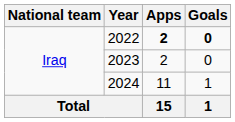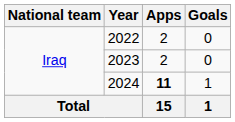 <table class=wikitable style=text-align:center>
 <tr>
 <th>National team</th>
 <th>Year</th>
 <th>Apps</th>
 <th>Goals</th>
 </tr>
 <tr>
 <td rowspan=3><a href='#'>Iraq</a></td>
 <td>2022</td>
-<td><strong>2</strong></td>
-<td><strong>0</strong></td>
+<td>2</td>
+<td>0</td>
 </tr>
 <tr>
 <td>2023</td>
 <td>2</td>
 <td>0</td>
 </tr>
 <tr>
 <td>2024</td>
-<td>11</td>
+<td><strong>11</strong></td>
 <td>1</td>
 </tr>
 <tr>
 <th colspan=2>Total</th>
 <th>15</th>
 <th>1</th>
 </tr>
 </table>
